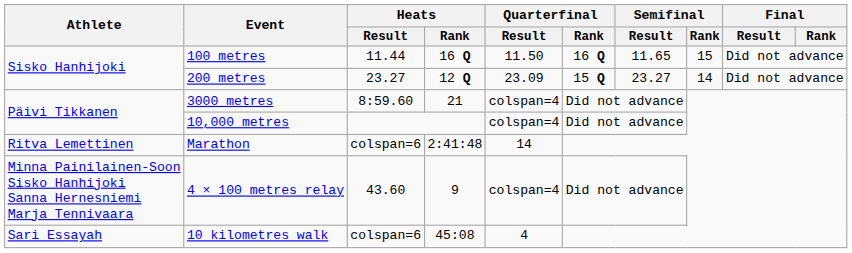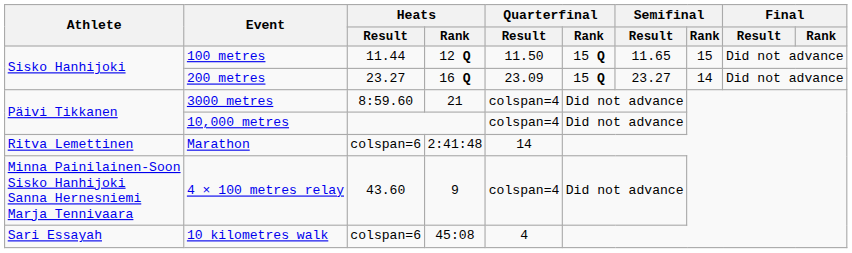 <table class="wikitable" style="font-size:90%">
 <tr>
 <th rowspan="2">Athlete</th>
 <th rowspan="2">Event</th>
 <th colspan="2">Heats</th>
 <th colspan="2">Quarterfinal</th>
 <th colspan="2">Semifinal</th>
 <th colspan="2">Final</th>
 </tr>
 <tr style="font-size:95%">
 <th>Result</th>
 <th>Rank</th>
 <th>Result</th>
 <th>Rank</th>
 <th>Result</th>
 <th>Rank</th>
 <th>Result</th>
 <th>Rank</th>
 </tr>
 <tr align=center>
 <td align=left rowspan=2><a href='#'>Sisko Hanhijoki</a></td>
 <td align=left><a href='#'>100 metres</a></td>
 <td>11.44</td>
-<td>16 <strong>Q</strong></td>
+<td>12 <strong>Q</strong></td>
 <td>11.50</td>
-<td>16 <strong>Q</strong></td>
+<td>15 <strong>Q</strong></td>
 <td>11.65</td>
 <td>15</td>
 <td colspan=2>Did not advance</td>
 </tr>
 <tr align=center>
 <td align=left><a href='#'>200 metres</a></td>
 <td>23.27</td>
-<td>12 <strong>Q</strong></td>
+<td>16 <strong>Q</strong></td>
 <td>23.09</td>
 <td>15 <strong>Q</strong></td>
 <td>23.27</td>
 <td>14</td>
 <td colspan=2>Did not advance</td>
 </tr>
 <tr align=center>
 <td align=left rowspan=2><a href='#'>Päivi Tikkanen</a></td>
 <td align=left><a href='#'>3000 metres</a></td>
 <td>8:59.60</td>
 <td>21</td>
 <td>colspan=4</td>
 <td colspan=2>Did not advance</td>
 </tr>
 <tr align=center>
 <td align=left><a href='#'>10,000 metres</a></td>
 <td colspan=2></td>
 <td>colspan=4</td>
 <td colspan=2>Did not advance</td>
 </tr>
 <tr align=center>
 <td align=left><a href='#'>Ritva Lemettinen</a></td>
 <td align=left><a href='#'>Marathon</a></td>
 <td>colspan=6</td>
 <td>2:41:48</td>
 <td>14</td>
 </tr>
 <tr align=center>
 <td align=left><a href='#'>Minna Painilainen-Soon</a><br><a href='#'>Sisko Hanhijoki</a><br><a href='#'>Sanna Hernesniemi</a><br><a href='#'>Marja Tennivaara</a></td>
 <td align=left><a href='#'>4 × 100 metres relay</a></td>
 <td>43.60</td>
 <td>9</td>
 <td>colspan=4</td>
 <td colspan=2>Did not advance</td>
 </tr>
 <tr align=center>
 <td align=left><a href='#'>Sari Essayah</a></td>
 <td align=left><a href='#'>10 kilometres walk</a></td>
 <td>colspan=6</td>
 <td>45:08</td>
 <td>4</td>
 </tr>
 </table>
